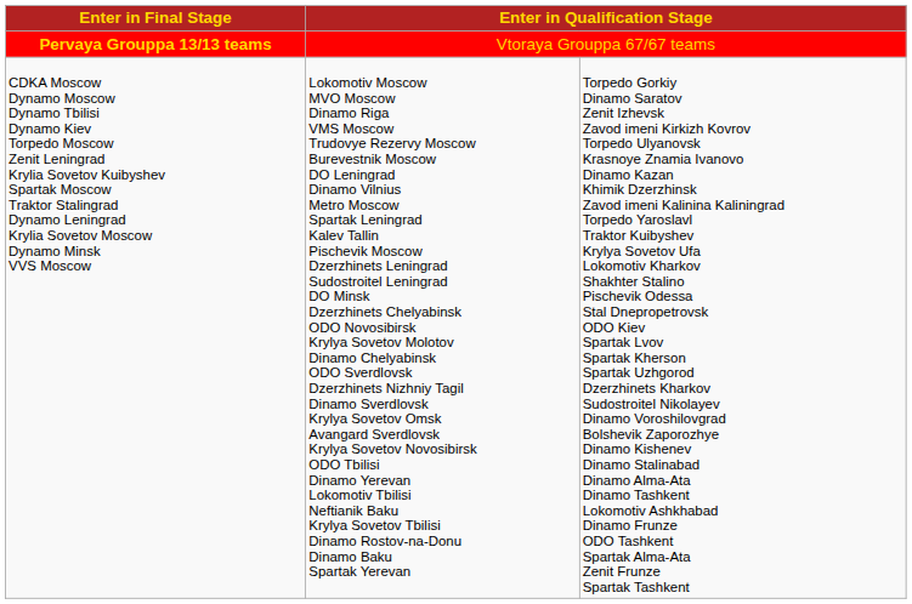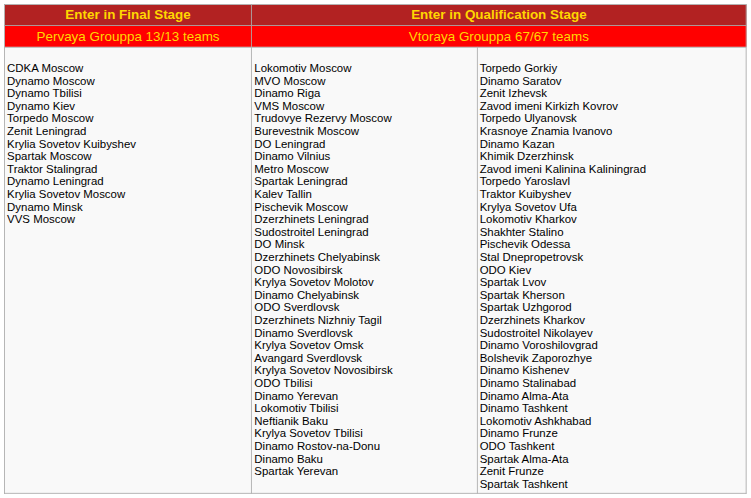 <table class="wikitable" style="width:100%;">
 <tr style="background:Firebrick; text-align:center;">
 <td style="width:30%; color:Gold" colspan="1"><strong>Enter in Final Stage</strong></td>
 <td style="width:60%; color:Gold" colspan="2"><strong>Enter in Qualification Stage</strong></td>
 </tr>
 <tr style="background:Red;">
-<td style="text-align:center; width:30%; color:Gold" colspan=1><strong>Pervaya Grouppa 13/13 teams</strong></td>
+<td style="text-align:center; width:30%; color:Gold" colspan=1>Pervaya Grouppa 13/13 teams</td>
 <td style="text-align:center; width:60%; color:Gold" colspan=2>Vtoraya Grouppa 67/67 teams</td>
 </tr>
 <tr style="vertical-align:top; font-size:85%;">
 <td rowspan=3><br> CDKA Moscow<br>  Dynamo Moscow<br>  Dynamo Tbilisi<br>  Dynamo Kiev<br>  Torpedo Moscow<br>  Zenit Leningrad<br>  Krylia Sovetov Kuibyshev<br>  Spartak Moscow<br>  Traktor Stalingrad<br>  Dynamo Leningrad<br>  Krylia Sovetov Moscow<br>  Dynamo Minsk<br>  VVS Moscow<br></td>
 <td><br> Lokomotiv Moscow<br>  MVO Moscow<br>  Dinamo Riga<br>  VMS Moscow<br>  Trudovye Rezervy Moscow<br>  Burevestnik Moscow<br>  DO Leningrad<br>  Dinamo Vilnius<br>  Metro Moscow<br>  Spartak Leningrad<br>  Kalev Tallin<br>  Pischevik Moscow<br>  Dzerzhinets Leningrad<br>  Sudostroitel Leningrad<br>  DO Minsk<br> Dzerzhinets Chelyabinsk<br>  ODO Novosibirsk<br>  Krylya Sovetov Molotov<br>  Dinamo Chelyabinsk<br>  ODO Sverdlovsk<br>  Dzerzhinets Nizhniy Tagil<br>  Dinamo Sverdlovsk<br>  Krylya Sovetov Omsk<br>  Avangard Sverdlovsk<br>  Krylya Sovetov Novosibirsk<br> ODO Tbilisi<br>  Dinamo Yerevan<br>  Lokomotiv Tbilisi<br>  Neftianik Baku<br>  Krylya Sovetov Tbilisi<br>  Dinamo Rostov-na-Donu<br>  Dinamo Baku<br>  Spartak Yerevan<br></td>
 <td><br> Torpedo Gorkiy<br>  Dinamo Saratov<br>  Zenit Izhevsk<br>  Zavod imeni Kirkizh Kovrov<br>  Torpedo Ulyanovsk<br>  Krasnoye Znamia Ivanovo<br>  Dinamo Kazan<br>  Khimik Dzerzhinsk<br>  Zavod imeni Kalinina Kaliningrad<br>  Torpedo Yaroslavl<br>  Traktor Kuibyshev<br>  Krylya Sovetov Ufa<br> Lokomotiv Kharkov<br>  Shakhter Stalino<br>  Pischevik Odessa<br>  Stal Dnepropetrovsk<br>  ODO Kiev<br>  Spartak Lvov<br>  Spartak Kherson<br>  Spartak Uzhgorod<br>  Dzerzhinets Kharkov<br>  Sudostroitel Nikolayev<br>  Dinamo Voroshilovgrad<br>  Bolshevik Zaporozhye<br>  Dinamo Kishenev<br> Dinamo Stalinabad<br>  Dinamo Alma-Ata<br>  Dinamo Tashkent<br>  Lokomotiv Ashkhabad<br>  Dinamo Frunze<br>  ODO Tashkent<br>  Spartak Alma-Ata<br>  Zenit Frunze<br>  Spartak Tashkent<br></td>
 </tr>
 </table>
